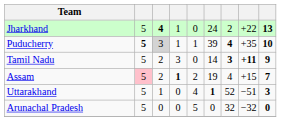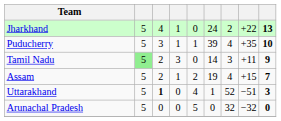 <table class="wikitable" style="text-align:center">
 <tr>
 <th width="200">Team</th>
 <th width="20"></th>
 <th width="20"></th>
 <th width="20"></th>
 <th width="20"></th>
 <th width="20"></th>
 <th width="20"></th>
 <th width="20"></th>
 <th width="20"></th>
 </tr>
 <tr bgcolor=#ccffcc>
 <td align=left><a href='#'>Jharkhand</a></td>
 <td>5</td>
-<td><strong>4</strong></td>
+<td>4</td>
 <td>1</td>
 <td>0</td>
 <td>24</td>
 <td>2</td>
 <td>+22</td>
 <td><strong>13</strong></td>
 </tr>
 <tr>
 <td align=left><a href='#'>Puducherry</a></td>
-<td><strong>5</strong></td>
-<td style="background: lightgrey;">3</td>
+<td>5</td>
+<td>3</td>
 <td>1</td>
 <td>1</td>
 <td>39</td>
-<td><strong>4</strong></td>
+<td>4</td>
 <td>+35</td>
 <td><strong>10</strong></td>
 </tr>
 <tr>
 <td align=left><a href='#'>Tamil Nadu</a></td>
-<td>5</td>
+<td style="background: lightgreen;">5</td>
 <td>2</td>
 <td>3</td>
 <td>0</td>
 <td>14</td>
-<td><strong>3</strong></td>
-<td><strong>+11</strong></td>
+<td>3</td>
+<td>+11</td>
 <td><strong>9</strong></td>
 </tr>
 <tr>
 <td align=left><a href='#'>Assam</a></td>
-<td style="background: pink;">5</td>
+<td>5</td>
 <td>2</td>
-<td><strong>1</strong></td>
+<td>1</td>
 <td>2</td>
 <td>19</td>
 <td>4</td>
 <td>+15</td>
 <td><strong>7</strong></td>
 </tr>
 <tr>
 <td align=left><a href='#'>Uttarakhand</a></td>
 <td>5</td>
-<td>1</td>
+<td><strong>1</strong></td>
 <td>0</td>
 <td>4</td>
-<td><strong>1</strong></td>
+<td>1</td>
 <td>52</td>
 <td>−51</td>
 <td><strong>3</strong></td>
 </tr>
 <tr>
 <td align=left><a href='#'>Arunachal Pradesh</a></td>
 <td>5</td>
 <td>0</td>
 <td>0</td>
 <td>5</td>
 <td>0</td>
 <td>32</td>
 <td>−32</td>
 <td><strong>0</strong></td>
 </tr>
 <tr>
 </tr>
 </table>
